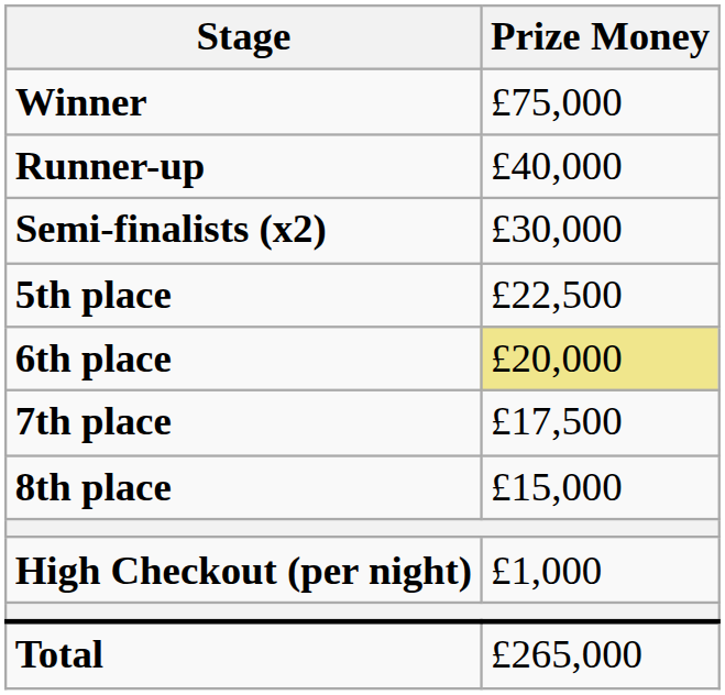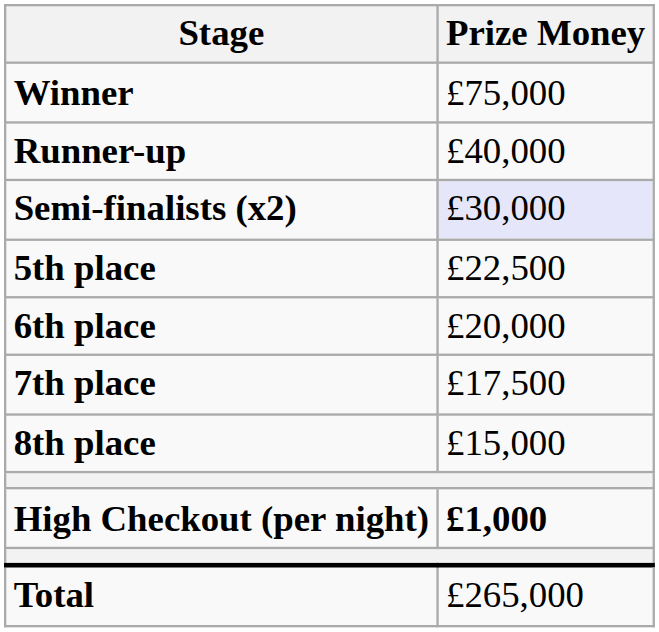 <table class="wikitable">
 <tr>
 <th>Stage</th>
 <th>Prize Money</th>
 </tr>
 <tr>
 <td><strong>Winner</strong></td>
 <td>£75,000</td>
 </tr>
 <tr>
 <td><strong>Runner-up</strong></td>
 <td>£40,000</td>
 </tr>
 <tr>
 <td><strong>Semi-finalists (x2)</strong></td>
-<td>£30,000</td>
+<td style="background: lavender;">£30,000</td>
 </tr>
 <tr>
 <td><strong>5th place</strong></td>
 <td>£22,500</td>
 </tr>
 <tr>
 <td><strong>6th place</strong></td>
-<td style="background: khaki;">£20,000</td>
+<td>£20,000</td>
 </tr>
 <tr>
 <td><strong>7th place</strong></td>
 <td>£17,500</td>
 </tr>
 <tr>
 <td><strong>8th place</strong></td>
 <td>£15,000</td>
 </tr>
 <tr>
 <th colspan=3></th>
 </tr>
 <tr>
 <td><strong>High Checkout (per night)</strong></td>
-<td>£1,000</td>
+<td><strong>£1,000</strong></td>
 </tr>
 <tr>
 <th colspan=3></th>
 </tr>
 <tr style="border-top:2px solid black;">
 <td><strong>Total</strong></td>
 <td>£265,000</td>
 </tr>
 </table>
